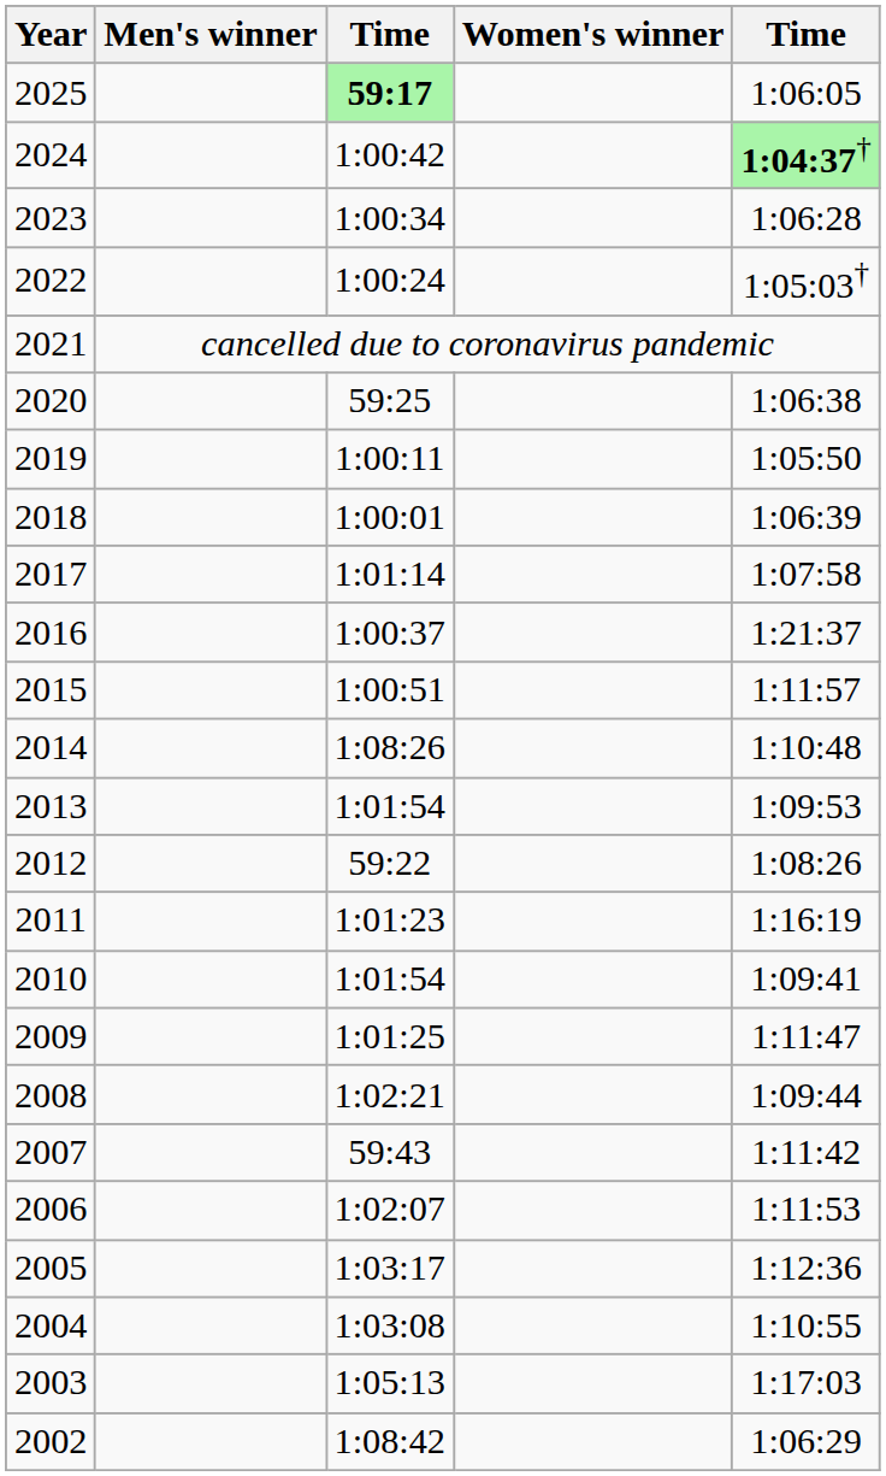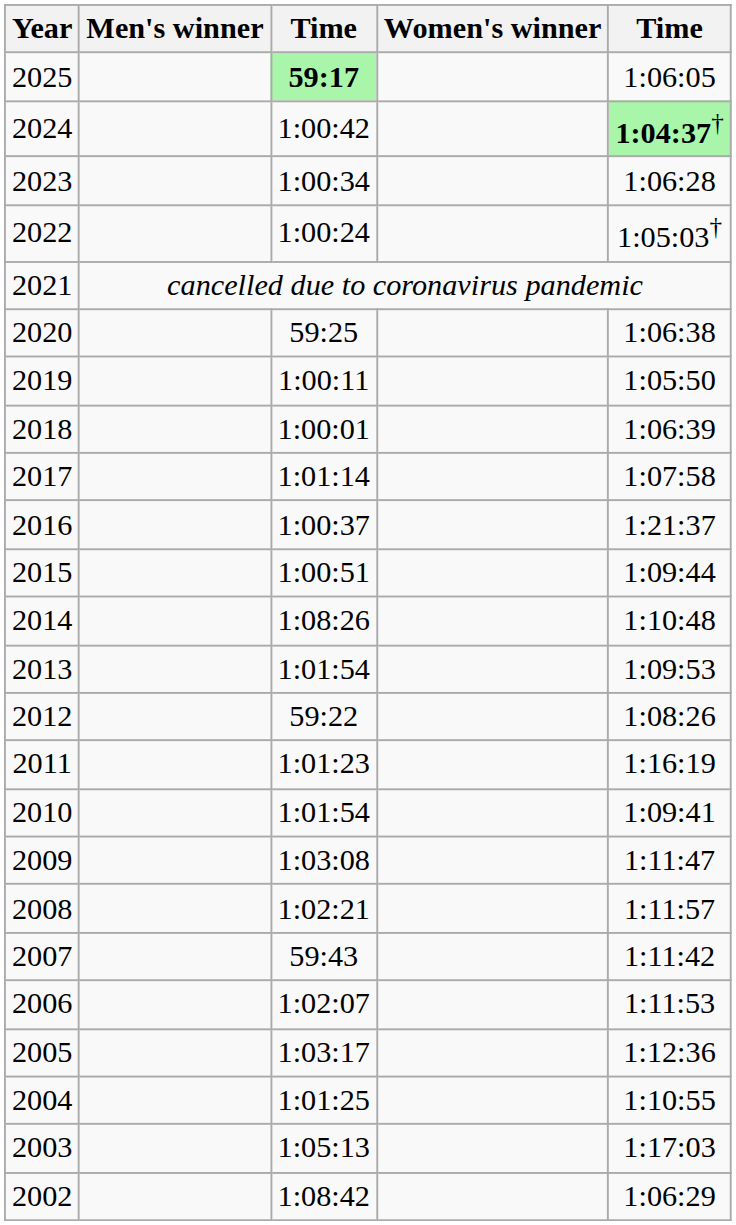 <table class="wikitable sortable" style="text-align:center">
 <tr>
 <th>Year</th>
 <th>Men's winner</th>
 <th>Time</th>
 <th>Women's winner</th>
 <th>Time</th>
 </tr>
 <tr>
 <td>2025</td>
 <td align="left"></td>
 <td bgcolor="#A9F5A9"><strong>59:17</strong></td>
 <td align="left"></td>
 <td>1:06:05</td>
 </tr>
 <tr>
 <td>2024</td>
 <td align="left"></td>
 <td>1:00:42</td>
 <td align="left"></td>
 <td bgcolor="#A9F5A9"><strong>1:04:37</strong><sup>†</sup> </td>
 </tr>
 <tr>
 <td>2023</td>
 <td align="left"></td>
 <td>1:00:34</td>
 <td align="left"></td>
 <td>1:06:28</td>
 </tr>
 <tr>
 <td>2022</td>
 <td align="left"></td>
 <td>1:00:24</td>
 <td align="left"></td>
 <td>1:05:03<sup>†</sup></td>
 </tr>
 <tr>
 <td>2021</td>
 <td colspan="4" align="center" data-sort-value=""><em>cancelled due to coronavirus pandemic</em></td>
 </tr>
 <tr>
 <td>2020</td>
 <td align="left"></td>
 <td>59:25</td>
 <td align="left"></td>
 <td>1:06:38</td>
 </tr>
 <tr>
 <td>2019</td>
 <td align="left"></td>
 <td>1:00:11</td>
 <td align="left"></td>
 <td>1:05:50</td>
 </tr>
 <tr>
 <td>2018</td>
 <td align="left"></td>
 <td>1:00:01</td>
 <td align="left"></td>
 <td>1:06:39</td>
 </tr>
 <tr>
 <td>2017</td>
 <td align="left"></td>
 <td>1:01:14</td>
 <td align="left"></td>
 <td>1:07:58</td>
 </tr>
 <tr>
 <td>2016</td>
 <td align="left"></td>
 <td>1:00:37</td>
 <td align="left"></td>
 <td>1:21:37</td>
 </tr>
 <tr>
 <td>2015</td>
 <td align="left"></td>
 <td>1:00:51</td>
 <td align="left"></td>
-<td>1:11:57</td>
+<td>1:09:44</td>
 </tr>
 <tr>
 <td>2014</td>
 <td align="left"></td>
 <td>1:08:26</td>
 <td align="left"></td>
 <td>1:10:48</td>
 </tr>
 <tr>
 <td>2013</td>
 <td align="left"></td>
 <td>1:01:54</td>
 <td align="left"></td>
 <td>1:09:53</td>
 </tr>
 <tr>
 <td>2012</td>
 <td align="left"></td>
 <td>59:22</td>
 <td align="left"></td>
 <td>1:08:26</td>
 </tr>
 <tr>
 <td>2011</td>
 <td align="left"></td>
 <td>1:01:23</td>
 <td align="left"></td>
 <td>1:16:19</td>
 </tr>
 <tr>
 <td>2010</td>
 <td align="left"></td>
 <td>1:01:54</td>
 <td align="left"></td>
 <td>1:09:41</td>
 </tr>
 <tr>
 <td>2009</td>
 <td align="left"></td>
-<td>1:01:25</td>
+<td>1:03:08</td>
 <td align="left"></td>
 <td>1:11:47</td>
 </tr>
 <tr>
 <td>2008</td>
 <td align="left"></td>
 <td>1:02:21</td>
 <td align="left"></td>
-<td>1:09:44</td>
+<td>1:11:57</td>
 </tr>
 <tr>
 <td>2007</td>
 <td align="left"></td>
 <td>59:43</td>
 <td align="left"></td>
 <td>1:11:42</td>
 </tr>
 <tr>
 <td>2006</td>
 <td align="left"></td>
 <td>1:02:07</td>
 <td align="left"></td>
 <td>1:11:53</td>
 </tr>
 <tr>
 <td>2005</td>
 <td align="left"></td>
 <td>1:03:17</td>
 <td align="left"></td>
 <td>1:12:36</td>
 </tr>
 <tr>
 <td>2004</td>
 <td align="left"></td>
-<td>1:03:08</td>
+<td>1:01:25</td>
 <td align="left"></td>
 <td>1:10:55</td>
 </tr>
 <tr>
 <td>2003</td>
 <td align="left"></td>
 <td>1:05:13</td>
 <td align="left"></td>
 <td>1:17:03</td>
 </tr>
 <tr>
 <td>2002</td>
 <td align="left"></td>
 <td>1:08:42</td>
 <td align="left"></td>
 <td>1:06:29</td>
 </tr>
 </table>
